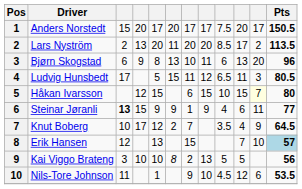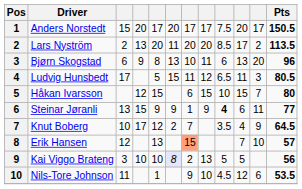 <table class="wikitable" style="font-size: 85%; text-align: center;">
 <tr valign="top">
 <th valign="middle">Pos</th>
 <th valign="middle">Driver</th>
 <th></th>
 <th></th>
 <th></th>
 <th></th>
 <th></th>
 <th></th>
 <th></th>
 <th></th>
 <th></th>
 <th valign="middle"> Pts </th>
 </tr>
 <tr>
 <th>1</th>
 <td align="left"> <a href='#'>Anders Norstedt</a></td>
 <td>15</td>
 <td>20</td>
 <td>17</td>
 <td>20</td>
 <td>17</td>
 <td>17</td>
 <td>7.5</td>
 <td>20</td>
 <td>17</td>
 <td align="right"><strong>150.5</strong></td>
 </tr>
 <tr>
 <th>2</th>
 <td align="left"> <a href='#'>Lars Nyström</a></td>
 <td>2</td>
 <td>13</td>
 <td>20</td>
 <td>11</td>
 <td>20</td>
 <td>20</td>
 <td>8.5</td>
 <td>17</td>
 <td>2</td>
 <td align="right"><strong>113.5</strong></td>
 </tr>
 <tr>
 <th>3</th>
 <td align="left"> <a href='#'>Bjørn Skogstad</a></td>
 <td>6</td>
 <td>9</td>
 <td>8</td>
 <td>13</td>
 <td>10</td>
 <td>11</td>
 <td>6</td>
 <td>13</td>
 <td>20</td>
 <td align="right"><strong>96</strong></td>
 </tr>
 <tr>
 <th>4</th>
 <td align="left"> <a href='#'>Ludvig Hunsbedt</a></td>
 <td>17</td>
 <td></td>
 <td>5</td>
 <td>15</td>
 <td>11</td>
 <td>12</td>
 <td>6.5</td>
 <td>11</td>
 <td>3</td>
 <td align="right"><strong>80.5</strong></td>
 </tr>
 <tr>
 <th>5</th>
 <td align="left"> <a href='#'>Håkan Ivarsson</a></td>
 <td></td>
 <td>12</td>
 <td>15</td>
 <td></td>
 <td>6</td>
 <td>15</td>
 <td>10</td>
 <td>15</td>
-<td style="background: lightyellow;">7</td>
+<td>7</td>
 <td align="right"><strong>80</strong></td>
 </tr>
 <tr>
 <th>6</th>
 <td align="left"> <a href='#'>Steinar Jøranli</a></td>
-<td><strong>13</strong></td>
+<td>13</td>
 <td>15</td>
 <td>9</td>
 <td>9</td>
 <td>1</td>
 <td>9</td>
-<td>4</td>
+<td><strong>4</strong></td>
 <td>6</td>
 <td>11</td>
 <td align="right"><strong>77</strong></td>
 </tr>
 <tr>
 <th>7</th>
 <td align="left"> <a href='#'>Knut Boberg</a></td>
 <td>10</td>
 <td>17</td>
 <td>12</td>
 <td>2</td>
 <td>7</td>
 <td></td>
 <td>3.5</td>
 <td>4</td>
 <td>9</td>
 <td align="right"><strong>64.5</strong></td>
 </tr>
 <tr>
 <th>8</th>
 <td align="left"> <a href='#'>Erik Hansen</a></td>
 <td>12</td>
 <td></td>
 <td>13</td>
 <td></td>
-<td>15</td>
+<td style="background: lightsalmon;">15</td>
 <td></td>
 <td></td>
 <td>7</td>
 <td>10</td>
-<td align="right" style="background: lightblue;"><strong>57</strong></td>
+<td align="right"><strong>57</strong></td>
 </tr>
 <tr>
 <th>9</th>
 <td align="left"> <a href='#'>Kai Viggo Brateng</a></td>
 <td>3</td>
 <td>10</td>
 <td>10</td>
-<td><em>8</em></td>
+<td style="background: lavender;"><em>8</em></td>
 <td>2</td>
 <td>13</td>
 <td>5</td>
 <td>5</td>
 <td></td>
 <td align="right"><strong>56</strong></td>
 </tr>
 <tr>
 <th>10</th>
 <td align="left"> <a href='#'>Nils-Tore Johnson</a></td>
 <td>11</td>
 <td></td>
 <td>1</td>
 <td></td>
 <td>9</td>
 <td>10</td>
 <td>4.5</td>
 <td>12</td>
 <td>6</td>
 <td align="right"><strong>53.5</strong></td>
 </tr>
 <tr>
 </tr>
 </table>
